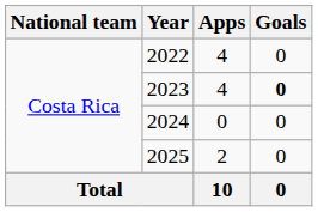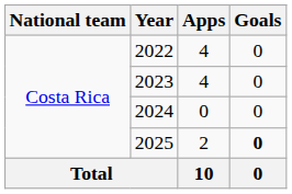 <table class="wikitable" style="text-align:center">
 <tr>
 <th>National team</th>
 <th>Year</th>
 <th>Apps</th>
 <th>Goals</th>
 </tr>
 <tr>
 <td rowspan="4"><a href='#'>Costa Rica</a></td>
 <td>2022</td>
 <td>4</td>
 <td>0</td>
 </tr>
 <tr>
 <td>2023</td>
 <td>4</td>
-<td><strong>0</strong></td>
+<td>0</td>
 </tr>
 <tr>
 <td>2024</td>
 <td>0</td>
 <td>0</td>
 </tr>
 <tr>
 <td>2025</td>
 <td>2</td>
-<td>0</td>
+<td><strong>0</strong></td>
 </tr>
 <tr>
 <th colspan="2">Total</th>
 <th>10</th>
 <th>0</th>
 </tr>
 </table>
